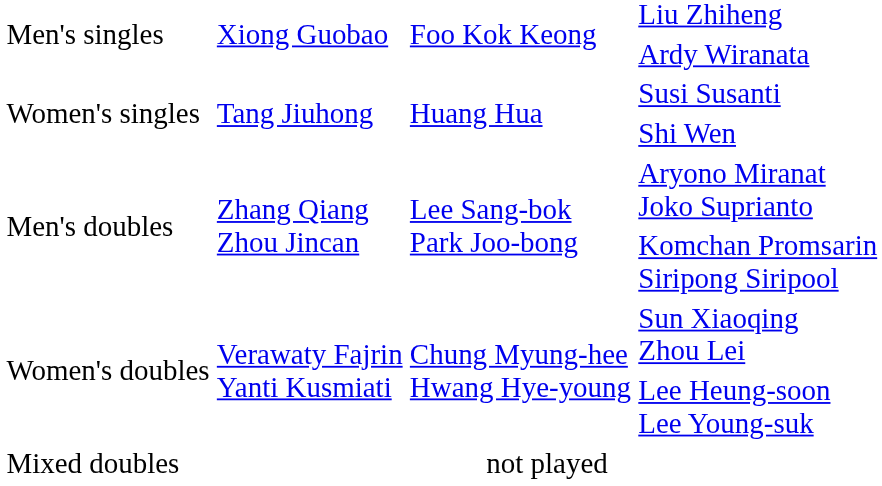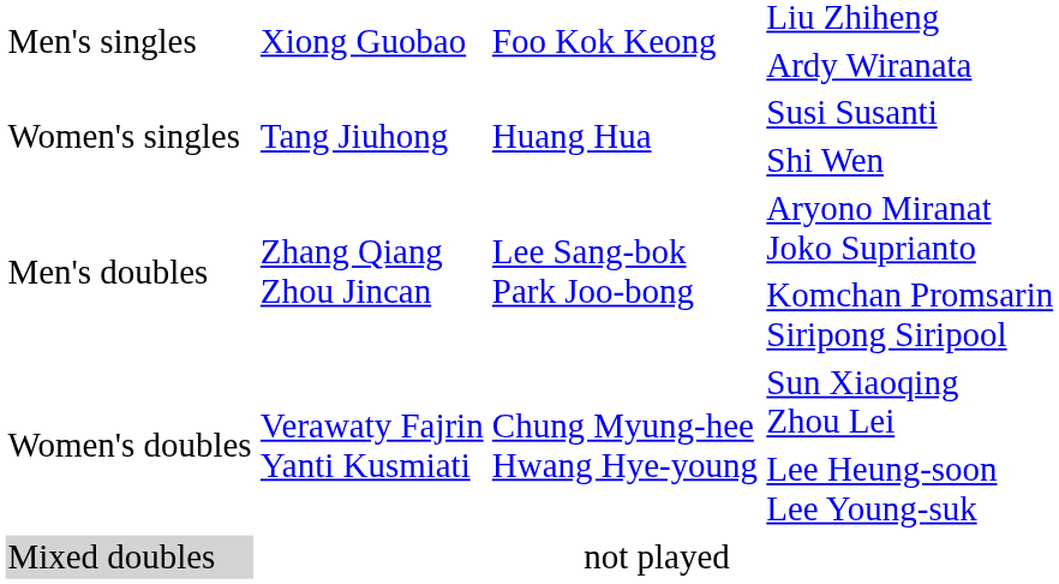 <table>
 <tr>
 <td rowspan="2">Men's singles</td>
 <td rowspan="2"> <a href='#'>Xiong Guobao</a></td>
 <td rowspan="2"> <a href='#'>Foo Kok Keong</a></td>
 <td> <a href='#'>Liu Zhiheng</a></td>
 </tr>
 <tr>
 <td> <a href='#'>Ardy Wiranata</a></td>
 </tr>
 <tr>
 <td rowspan="2">Women's singles</td>
 <td rowspan="2"> <a href='#'>Tang Jiuhong</a></td>
 <td rowspan="2"> <a href='#'>Huang Hua</a></td>
 <td> <a href='#'>Susi Susanti</a></td>
 </tr>
 <tr>
 <td> <a href='#'>Shi Wen</a></td>
 </tr>
 <tr>
 <td rowspan="2">Men's doubles</td>
 <td rowspan="2"> <a href='#'>Zhang Qiang</a> <br>  <a href='#'>Zhou Jincan</a></td>
 <td rowspan="2"> <a href='#'>Lee Sang-bok</a> <br>  <a href='#'>Park Joo-bong</a></td>
 <td> <a href='#'>Aryono Miranat</a> <br>  <a href='#'>Joko Suprianto</a></td>
 </tr>
 <tr>
 <td> <a href='#'>Komchan Promsarin</a> <br>  <a href='#'>Siripong Siripool</a></td>
 </tr>
 <tr>
 <td rowspan="2">Women's doubles</td>
 <td rowspan="2"> <a href='#'>Verawaty Fajrin</a> <br>  <a href='#'>Yanti Kusmiati</a></td>
 <td rowspan="2"> <a href='#'>Chung Myung-hee</a> <br>  <a href='#'>Hwang Hye-young</a></td>
 <td> <a href='#'>Sun Xiaoqing</a> <br>  <a href='#'>Zhou Lei</a></td>
 </tr>
 <tr>
 <td> <a href='#'>Lee Heung-soon</a> <br>  <a href='#'>Lee Young-suk</a></td>
 </tr>
 <tr>
-<td>Mixed doubles</td>
+<td style="background: lightgrey;">Mixed doubles</td>
 <td colspan="3" align=center>not played</td>
 </tr>
 </table>
